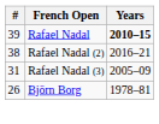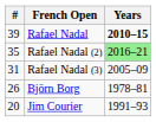 <table class="wikitable" style="display:inline-table;">
 <tr>
 <th width=20>#</th>
 <th>French Open</th>
 <th>Years</th>
 </tr>
 <tr>
 <td>39</td>
 <td> <a href='#'>Rafael Nadal</a></td>
 <td><strong>2010–15</strong></td>
 </tr>
 <tr>
-<td>38</td>
+<td>35</td>
 <td> Rafael Nadal <small>(2)</small></td>
-<td>2016–21</td>
+<td style="background: lightgreen;">2016–21</td>
 </tr>
 <tr>
 <td>31</td>
 <td> Rafael Nadal <small>(3)</small></td>
 <td>2005–09</td>
 </tr>
 <tr>
 <td>26</td>
 <td> <a href='#'>Björn Borg</a></td>
 <td>1978–81</td>
 </tr>
+<tr>
+<td>20</td>
+<td> <a href='#'>Jim Courier</a></td>
+<td>1991–93</td>
+</tr>
 </table>
